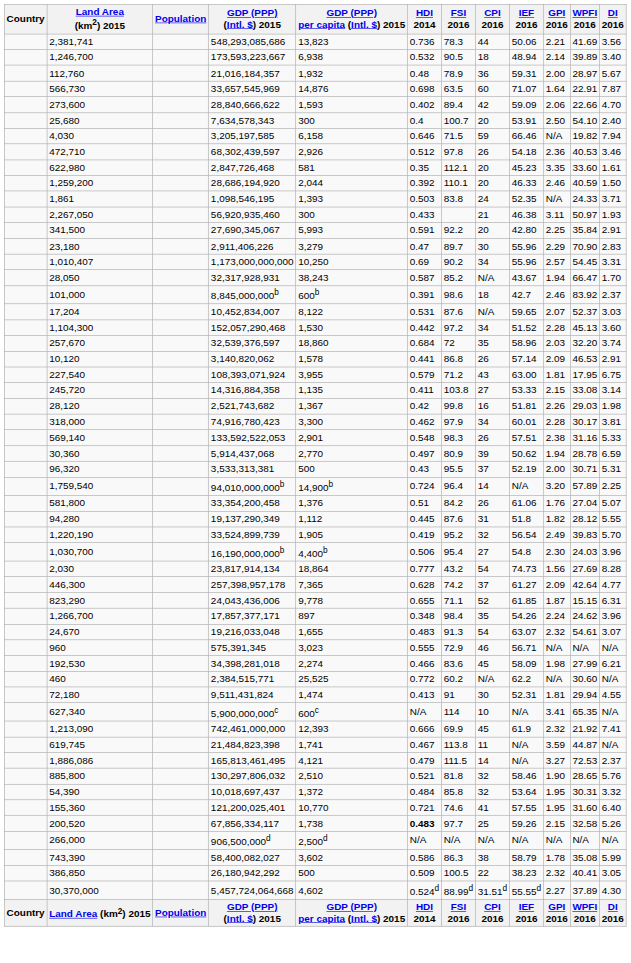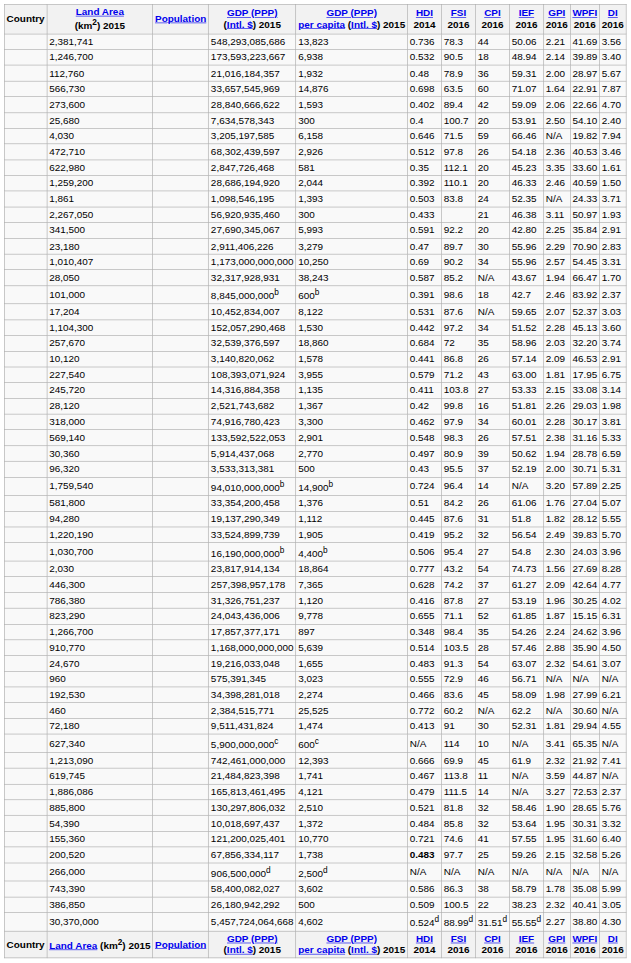 <table class="wikitable sortable">
 <tr>
 <th>Country</th>
 <th><a href='#'>Land Area</a><br>(km<sup>2</sup>) 2015</th>
 <th><a href='#'>Population</a><br></th>
 <th><a href='#'>GDP (PPP)</a><br>(<a href='#'>Intl. $</a>) 2015</th>
 <th><a href='#'>GDP (PPP)</a><br><a href='#'>per capita</a> (<a href='#'>Intl. $</a>) 2015</th>
 <th><a href='#'>HDI</a><br>2014</th>
 <th><a href='#'>FSI</a><br>2016</th>
 <th><a href='#'>CPI</a><br>2016</th>
 <th><a href='#'>IEF</a><br>2016</th>
 <th><a href='#'>GPI</a><br>2016</th>
 <th><a href='#'>WPFI</a><br>2016</th>
 <th><a href='#'>DI</a><br>2016</th>
 </tr>
 <tr>
 <td></td>
 <td>2,381,741</td>
 <td></td>
 <td>548,293,085,686</td>
 <td>13,823</td>
 <td>0.736</td>
 <td>78.3</td>
 <td>44</td>
 <td>50.06</td>
 <td>2.21</td>
 <td>41.69</td>
 <td>3.56</td>
 </tr>
 <tr>
 <td></td>
 <td>1,246,700</td>
 <td></td>
 <td>173,593,223,667</td>
 <td>6,938</td>
 <td>0.532</td>
 <td>90.5</td>
 <td>18</td>
 <td>48.94</td>
 <td>2.14</td>
 <td>39.89</td>
 <td>3.40</td>
 </tr>
 <tr>
 <td></td>
 <td>112,760</td>
 <td></td>
 <td>21,016,184,357</td>
 <td>1,932</td>
 <td>0.48</td>
 <td>78.9</td>
 <td>36</td>
 <td>59.31</td>
 <td>2.00</td>
 <td>28.97</td>
 <td>5.67</td>
 </tr>
 <tr>
 <td></td>
 <td>566,730</td>
 <td></td>
 <td>33,657,545,969</td>
 <td>14,876</td>
 <td>0.698</td>
 <td>63.5</td>
 <td>60</td>
 <td>71.07</td>
 <td>1.64</td>
 <td>22.91</td>
 <td>7.87</td>
 </tr>
 <tr>
 <td></td>
 <td>273,600</td>
 <td></td>
 <td>28,840,666,622</td>
 <td>1,593</td>
 <td>0.402</td>
 <td>89.4</td>
 <td>42</td>
 <td>59.09</td>
 <td>2.06</td>
 <td>22.66</td>
 <td>4.70</td>
 </tr>
 <tr>
 <td></td>
 <td>25,680</td>
 <td></td>
 <td>7,634,578,343</td>
 <td>300</td>
 <td>0.4</td>
 <td>100.7</td>
 <td>20</td>
 <td>53.91</td>
 <td>2.50</td>
 <td>54.10</td>
 <td>2.40</td>
 </tr>
 <tr>
 <td></td>
 <td>4,030</td>
 <td></td>
 <td>3,205,197,585</td>
 <td>6,158</td>
 <td>0.646</td>
 <td>71.5</td>
 <td>59</td>
 <td>66.46</td>
 <td>N/A</td>
 <td>19.82</td>
 <td>7.94</td>
 </tr>
 <tr>
 <td></td>
 <td>472,710</td>
 <td></td>
 <td>68,302,439,597</td>
 <td>2,926</td>
 <td>0.512</td>
 <td>97.8</td>
 <td>26</td>
 <td>54.18</td>
 <td>2.36</td>
 <td>40.53</td>
 <td>3.46</td>
 </tr>
 <tr>
 <td></td>
 <td>622,980</td>
 <td></td>
 <td>2,847,726,468</td>
 <td>581</td>
 <td>0.35</td>
 <td>112.1</td>
 <td>20</td>
 <td>45.23</td>
 <td>3.35</td>
 <td>33.60</td>
 <td>1.61</td>
 </tr>
 <tr>
 <td></td>
 <td>1,259,200</td>
 <td></td>
 <td>28,686,194,920</td>
 <td>2,044</td>
 <td>0.392</td>
 <td>110.1</td>
 <td>20</td>
 <td>46.33</td>
 <td>2.46</td>
 <td>40.59</td>
 <td>1.50</td>
 </tr>
 <tr>
 <td></td>
 <td>1,861</td>
 <td></td>
 <td>1,098,546,195</td>
 <td>1,393</td>
 <td>0.503</td>
 <td>83.8</td>
 <td>24</td>
 <td>52.35</td>
 <td>N/A</td>
 <td>24.33</td>
 <td>3.71</td>
 </tr>
 <tr>
 <td></td>
 <td>2,267,050</td>
 <td></td>
 <td>56,920,935,460</td>
 <td>300</td>
 <td>0.433</td>
 <td></td>
 <td>21</td>
 <td>46.38</td>
 <td>3.11</td>
 <td>50.97</td>
 <td>1.93</td>
 </tr>
 <tr>
 <td></td>
 <td>341,500</td>
 <td></td>
 <td>27,690,345,067</td>
 <td>5,993</td>
 <td>0.591</td>
 <td>92.2</td>
 <td>20</td>
 <td>42.80</td>
 <td>2.25</td>
 <td>35.84</td>
 <td>2.91</td>
 </tr>
 <tr>
 <td></td>
 <td>23,180</td>
 <td></td>
 <td>2,911,406,226</td>
 <td>3,279</td>
 <td>0.47</td>
 <td>89.7</td>
 <td>30</td>
 <td>55.96</td>
 <td>2.29</td>
 <td>70.90</td>
 <td>2.83</td>
 </tr>
 <tr>
 <td></td>
 <td>1,010,407</td>
 <td></td>
 <td>1,173,000,000,000</td>
 <td>10,250</td>
 <td>0.69</td>
 <td>90.2</td>
 <td>34</td>
 <td>55.96</td>
 <td>2.57</td>
 <td>54.45</td>
 <td>3.31</td>
 </tr>
 <tr>
 <td></td>
 <td>28,050</td>
 <td></td>
 <td>32,317,928,931</td>
 <td>38,243</td>
 <td>0.587</td>
 <td>85.2</td>
 <td>N/A</td>
 <td>43.67</td>
 <td>1.94</td>
 <td>66.47</td>
 <td>1.70</td>
 </tr>
 <tr>
 <td></td>
 <td>101,000</td>
 <td></td>
 <td>8,845,000,000<sup>b</sup></td>
 <td>600<sup>b</sup></td>
 <td>0.391</td>
 <td>98.6</td>
 <td>18</td>
 <td>42.7</td>
 <td>2.46</td>
 <td>83.92</td>
 <td>2.37</td>
 </tr>
 <tr>
 <td></td>
 <td>17,204</td>
 <td></td>
 <td>10,452,834,007</td>
 <td>8,122</td>
 <td>0.531</td>
 <td>87.6</td>
 <td>N/A</td>
 <td>59.65</td>
 <td>2.07</td>
 <td>52.37</td>
 <td>3.03</td>
 </tr>
 <tr>
 <td></td>
 <td>1,104,300</td>
 <td></td>
 <td>152,057,290,468</td>
 <td>1,530</td>
 <td>0.442</td>
 <td>97.2</td>
 <td>34</td>
 <td>51.52</td>
 <td>2.28</td>
 <td>45.13</td>
 <td>3.60</td>
 </tr>
 <tr>
 <td></td>
 <td>257,670</td>
 <td></td>
 <td>32,539,376,597</td>
 <td>18,860</td>
 <td>0.684</td>
 <td>72</td>
 <td>35</td>
 <td>58.96</td>
 <td>2.03</td>
 <td>32.20</td>
 <td>3.74</td>
 </tr>
 <tr>
 <td></td>
 <td>10,120</td>
 <td></td>
 <td>3,140,820,062</td>
 <td>1,578</td>
 <td>0.441</td>
 <td>86.8</td>
 <td>26</td>
 <td>57.14</td>
 <td>2.09</td>
 <td>46.53</td>
 <td>2.91</td>
 </tr>
 <tr>
 <td></td>
 <td>227,540</td>
 <td></td>
 <td>108,393,071,924</td>
 <td>3,955</td>
 <td>0.579</td>
 <td>71.2</td>
 <td>43</td>
 <td>63.00</td>
 <td>1.81</td>
 <td>17.95</td>
 <td>6.75</td>
 </tr>
 <tr>
 <td></td>
 <td>245,720</td>
 <td></td>
 <td>14,316,884,358</td>
 <td>1,135</td>
 <td>0.411</td>
 <td>103.8</td>
 <td>27</td>
 <td>53.33</td>
 <td>2.15</td>
 <td>33.08</td>
 <td>3.14</td>
 </tr>
 <tr>
 <td></td>
 <td>28,120</td>
 <td></td>
 <td>2,521,743,682</td>
 <td>1,367</td>
 <td>0.42</td>
 <td>99.8</td>
 <td>16</td>
 <td>51.81</td>
 <td>2.26</td>
 <td>29.03</td>
 <td>1.98</td>
 </tr>
 <tr>
 <td></td>
 <td>318,000</td>
 <td></td>
 <td>74,916,780,423</td>
 <td>3,300</td>
 <td>0.462</td>
 <td>97.9</td>
 <td>34</td>
 <td>60.01</td>
 <td>2.28</td>
 <td>30.17</td>
 <td>3.81</td>
 </tr>
 <tr>
 <td></td>
 <td>569,140</td>
 <td></td>
 <td>133,592,522,053</td>
 <td>2,901</td>
 <td>0.548</td>
 <td>98.3</td>
 <td>26</td>
 <td>57.51</td>
 <td>2.38</td>
 <td>31.16</td>
 <td>5.33</td>
 </tr>
 <tr>
 <td></td>
 <td>30,360</td>
 <td></td>
 <td>5,914,437,068</td>
 <td>2,770</td>
 <td>0.497</td>
 <td>80.9</td>
 <td>39</td>
 <td>50.62</td>
 <td>1.94</td>
 <td>28.78</td>
 <td>6.59</td>
 </tr>
 <tr>
 <td></td>
 <td>96,320</td>
 <td></td>
 <td>3,533,313,381</td>
 <td>500</td>
 <td>0.43</td>
 <td>95.5</td>
 <td>37</td>
 <td>52.19</td>
 <td>2.00</td>
 <td>30.71</td>
 <td>5.31</td>
 </tr>
 <tr>
 <td></td>
 <td>1,759,540</td>
 <td></td>
 <td>94,010,000,000<sup>b</sup></td>
 <td>14,900<sup>b</sup></td>
 <td>0.724</td>
 <td>96.4</td>
 <td>14</td>
 <td>N/A</td>
 <td>3.20</td>
 <td>57.89</td>
 <td>2.25</td>
 </tr>
 <tr>
 <td></td>
 <td>581,800</td>
 <td></td>
 <td>33,354,200,458</td>
 <td>1,376</td>
 <td>0.51</td>
 <td>84.2</td>
 <td>26</td>
 <td>61.06</td>
 <td>1.76</td>
 <td>27.04</td>
 <td>5.07</td>
 </tr>
 <tr>
 <td></td>
 <td>94,280</td>
 <td></td>
 <td>19,137,290,349</td>
 <td>1,112</td>
 <td>0.445</td>
 <td>87.6</td>
 <td>31</td>
 <td>51.8</td>
 <td>1.82</td>
 <td>28.12</td>
 <td>5.55</td>
 </tr>
 <tr>
 <td></td>
 <td>1,220,190</td>
 <td></td>
 <td>33,524,899,739</td>
 <td>1,905</td>
 <td>0.419</td>
 <td>95.2</td>
 <td>32</td>
 <td>56.54</td>
 <td>2.49</td>
 <td>39.83</td>
 <td>5.70</td>
 </tr>
 <tr>
 <td></td>
 <td>1,030,700</td>
 <td></td>
 <td>16,190,000,000<sup>b</sup></td>
 <td>4,400<sup>b</sup></td>
 <td>0.506</td>
 <td>95.4</td>
 <td>27</td>
 <td>54.8</td>
 <td>2.30</td>
 <td>24.03</td>
 <td>3.96</td>
 </tr>
 <tr>
 <td></td>
 <td>2,030</td>
 <td></td>
 <td>23,817,914,134</td>
 <td>18,864</td>
 <td>0.777</td>
 <td>43.2</td>
 <td>54</td>
 <td>74.73</td>
 <td>1.56</td>
 <td>27.69</td>
 <td>8.28</td>
 </tr>
 <tr>
 <td></td>
 <td>446,300</td>
 <td></td>
 <td>257,398,957,178</td>
 <td>7,365</td>
 <td>0.628</td>
 <td>74.2</td>
 <td>37</td>
 <td>61.27</td>
 <td>2.09</td>
 <td>42.64</td>
 <td>4.77</td>
 </tr>
 <tr>
 <td></td>
+<td>786,380</td>
+<td></td>
+<td>31,326,751,237</td>
+<td>1,120</td>
+<td>0.416</td>
+<td>87.8</td>
+<td>27</td>
+<td>53.19</td>
+<td>1.96</td>
+<td>30.25</td>
+<td>4.02</td>
+</tr>
+<tr>
+<td></td>
 <td>823,290</td>
 <td></td>
 <td>24,043,436,006</td>
 <td>9,778</td>
 <td>0.655</td>
 <td>71.1</td>
 <td>52</td>
 <td>61.85</td>
 <td>1.87</td>
 <td>15.15</td>
 <td>6.31</td>
 </tr>
 <tr>
 <td></td>
 <td>1,266,700</td>
 <td></td>
 <td>17,857,377,171</td>
 <td>897</td>
 <td>0.348</td>
 <td>98.4</td>
 <td>35</td>
 <td>54.26</td>
 <td>2.24</td>
 <td>24.62</td>
 <td>3.96</td>
+</tr>
+<tr>
+<td></td>
+<td>910,770</td>
+<td></td>
+<td>1,168,000,000,000</td>
+<td>5,639</td>
+<td>0.514</td>
+<td>103.5</td>
+<td>28</td>
+<td>57.46</td>
+<td>2.88</td>
+<td>35.90</td>
+<td>4.50</td>
 </tr>
 <tr>
 <td></td>
 <td>24,670</td>
 <td></td>
 <td>19,216,033,048</td>
 <td>1,655</td>
 <td>0.483</td>
 <td>91.3</td>
 <td>54</td>
 <td>63.07</td>
 <td>2.32</td>
 <td>54.61</td>
 <td>3.07</td>
 </tr>
 <tr>
 <td></td>
 <td>960</td>
 <td></td>
 <td>575,391,345</td>
 <td>3,023</td>
 <td>0.555</td>
 <td>72.9</td>
 <td>46</td>
 <td>56.71</td>
 <td>N/A</td>
 <td>N/A</td>
 <td>N/A</td>
 </tr>
 <tr>
 <td></td>
 <td>192,530</td>
 <td></td>
 <td>34,398,281,018</td>
 <td>2,274</td>
 <td>0.466</td>
 <td>83.6</td>
 <td>45</td>
 <td>58.09</td>
 <td>1.98</td>
 <td>27.99</td>
 <td>6.21</td>
 </tr>
 <tr>
 <td></td>
 <td>460</td>
 <td></td>
 <td>2,384,515,771</td>
 <td>25,525</td>
 <td>0.772</td>
 <td>60.2</td>
 <td>N/A</td>
 <td>62.2</td>
 <td>N/A</td>
 <td>30.60</td>
 <td>N/A</td>
 </tr>
 <tr>
 <td></td>
 <td>72,180</td>
 <td></td>
 <td>9,511,431,824</td>
 <td>1,474</td>
 <td>0.413</td>
 <td>91</td>
 <td>30</td>
 <td>52.31</td>
 <td>1.81</td>
 <td>29.94</td>
 <td>4.55</td>
 </tr>
 <tr>
 <td></td>
 <td>627,340</td>
 <td></td>
 <td>5,900,000,000<sup>c</sup></td>
 <td>600<sup>c</sup></td>
 <td>N/A</td>
 <td>114</td>
 <td>10</td>
 <td>N/A</td>
 <td>3.41</td>
 <td>65.35</td>
 <td>N/A</td>
 </tr>
 <tr>
 <td></td>
 <td>1,213,090</td>
 <td></td>
 <td>742,461,000,000</td>
 <td>12,393</td>
 <td>0.666</td>
 <td>69.9</td>
 <td>45</td>
 <td>61.9</td>
 <td>2.32</td>
 <td>21.92</td>
 <td>7.41</td>
 </tr>
 <tr>
 <td></td>
 <td>619,745</td>
 <td></td>
 <td>21,484,823,398</td>
 <td>1,741</td>
 <td>0.467</td>
 <td>113.8</td>
 <td>11</td>
 <td>N/A</td>
 <td>3.59</td>
 <td>44.87</td>
 <td>N/A</td>
 </tr>
 <tr>
 <td></td>
 <td>1,886,086</td>
 <td></td>
 <td>165,813,461,495</td>
 <td>4,121</td>
 <td>0.479</td>
 <td>111.5</td>
 <td>14</td>
 <td>N/A</td>
 <td>3.27</td>
 <td>72.53</td>
 <td>2.37</td>
 </tr>
 <tr>
 <td></td>
 <td>885,800</td>
 <td></td>
 <td>130,297,806,032</td>
 <td>2,510</td>
 <td>0.521</td>
 <td>81.8</td>
 <td>32</td>
 <td>58.46</td>
 <td>1.90</td>
 <td>28.65</td>
 <td>5.76</td>
 </tr>
 <tr>
 <td></td>
 <td>54,390</td>
 <td></td>
 <td>10,018,697,437</td>
 <td>1,372</td>
 <td>0.484</td>
 <td>85.8</td>
 <td>32</td>
 <td>53.64</td>
 <td>1.95</td>
 <td>30.31</td>
 <td>3.32</td>
 </tr>
 <tr>
 <td></td>
 <td>155,360</td>
 <td></td>
 <td>121,200,025,401</td>
 <td>10,770</td>
 <td>0.721</td>
 <td>74.6</td>
 <td>41</td>
 <td>57.55</td>
 <td>1.95</td>
 <td>31.60</td>
 <td>6.40</td>
 </tr>
 <tr>
 <td></td>
 <td>200,520</td>
 <td></td>
 <td>67,856,334,117</td>
 <td>1,738</td>
 <td><strong>0.483</strong></td>
 <td>97.7</td>
 <td>25</td>
 <td>59.26</td>
 <td>2.15</td>
 <td>32.58</td>
 <td>5.26</td>
 </tr>
 <tr>
 <td></td>
 <td>266,000</td>
 <td></td>
 <td>906,500,000<sup>d</sup></td>
 <td>2,500<sup>d</sup></td>
 <td>N/A</td>
 <td>N/A</td>
 <td>N/A</td>
 <td>N/A</td>
 <td>N/A</td>
 <td>N/A</td>
 <td>N/A</td>
 </tr>
 <tr>
 <td></td>
 <td>743,390</td>
 <td></td>
 <td>58,400,082,027</td>
 <td>3,602</td>
 <td>0.586</td>
 <td>86.3</td>
 <td>38</td>
 <td>58.79</td>
 <td>1.78</td>
 <td>35.08</td>
 <td>5.99</td>
 </tr>
 <tr>
 <td></td>
 <td>386,850</td>
 <td></td>
 <td>26,180,942,292</td>
 <td>500</td>
 <td>0.509</td>
 <td>100.5</td>
 <td>22</td>
 <td>38.23</td>
 <td>2.32</td>
 <td>40.41</td>
 <td>3.05</td>
 </tr>
 <tr>
 <td><strong></strong></td>
 <td>30,370,000</td>
 <td></td>
 <td>5,457,724,064,668</td>
 <td>4,602</td>
 <td>0.524<sup>d</sup></td>
 <td>88.99<sup>d</sup></td>
 <td>31.51<sup>d</sup></td>
 <td>55.55<sup>d</sup></td>
 <td>2.27</td>
-<td>37.89</td>
+<td>38.80</td>
 <td>4.30</td>
 </tr>
 <tr>
 <th>Country</th>
 <th><a href='#'>Land Area</a> (km<sup>2</sup>) 2015</th>
 <th><a href='#'>Population</a> </th>
 <th><a href='#'>GDP (PPP)</a><br>(<a href='#'>Intl. $</a>) 2015</th>
 <th><a href='#'>GDP (PPP)</a><br><a href='#'>per capita</a> (<a href='#'>Intl. $</a>) 2015</th>
 <th><a href='#'>HDI</a><br>2014</th>
 <th><a href='#'>FSI</a><br>2016</th>
 <th><a href='#'>CPI</a><br>2016</th>
 <th><a href='#'>IEF</a><br>2016</th>
 <th><a href='#'>GPI</a><br>2016</th>
 <th><a href='#'>WPFI</a><br>2016</th>
 <th><a href='#'>DI</a><br>2016</th>
 </tr>
 </table>
